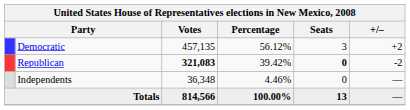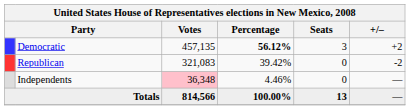 <table class="wikitable" style="font-size: 95%;">
 <tr>
 <th colspan="6">United States House of Representatives elections in New Mexico, 2008</th>
 </tr>
 <tr>
 <th colspan=2 style="width: 15em">Party</th>
 <th style="width: 5em">Votes</th>
 <th style="width: 7em">Percentage</th>
 <th style="width: 5em">Seats</th>
 <th style="width: 5em">+/–</th>
 </tr>
 <tr>
 <th style="background-color:#3333FF; width: 3px"></th>
 <td style="width: 130px"><a href='#'>Democratic</a></td>
 <td align="right">457,135</td>
-<td align="right">56.12%</td>
+<td align="right"><strong>56.12%</strong></td>
 <td align="right">3</td>
 <td align="right">+2</td>
 </tr>
 <tr>
 <th style="background-color:#FF3333; width: 3px"></th>
 <td style="width: 130px"><a href='#'>Republican</a></td>
-<td align="right"><strong>321,083</strong></td>
+<td align="right">321,083</td>
 <td align="right">39.42%</td>
-<td align="right"><strong>0</strong></td>
+<td align="right">0</td>
 <td align="right">-2</td>
 </tr>
 <tr>
 <th style="background-color:#DDDDDD; width: 3px"></th>
 <td style="width: 130px">Independents</td>
-<td align="right">36,348</td>
+<td align="right" style="background: pink;">36,348</td>
 <td align="right">4.46%</td>
 <td align="right">0</td>
 <td align="right">—</td>
 </tr>
 <tr bgcolor="#EEEEEE">
 <td colspan="2" align="right"><strong>Totals</strong></td>
 <td align="right"><strong>814,566</strong></td>
 <td align="right"><strong>100.00%</strong></td>
 <td align="right"><strong>13</strong></td>
 <td align="right"><strong>—</strong></td>
 </tr>
 <tr bgcolor="#EEEEEE">
 </tr>
 </table>
